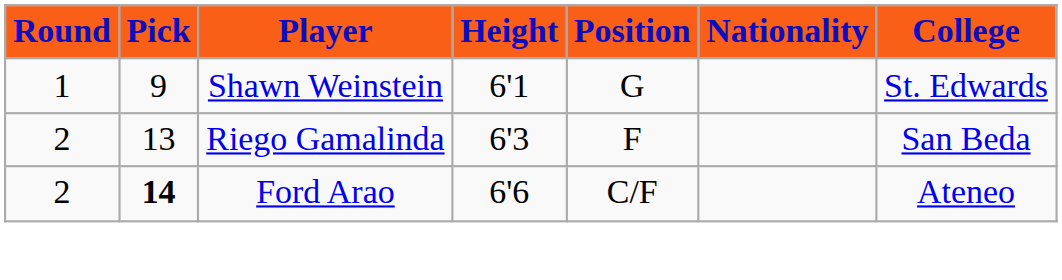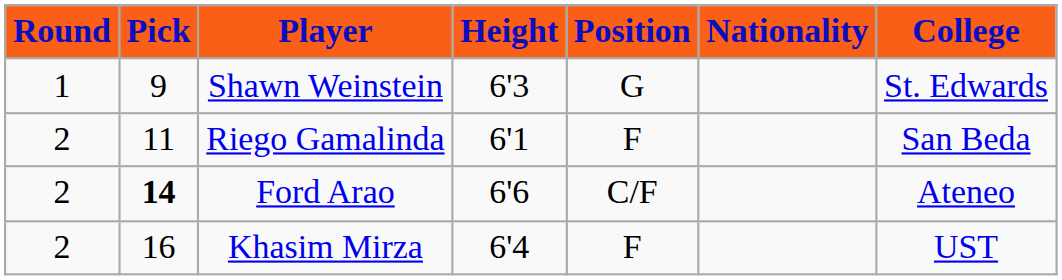 <table class="wikitable sortable sortable">
 <tr>
 <th style="background:#F95F17; color:#0D0DBF; ">Round</th>
 <th style="background:#F95F17; color:#0D0DBF; ">Pick</th>
 <th style="background:#F95F17; color:#0D0DBF; ">Player</th>
 <th style="background:#F95F17; color:#0D0DBF; ">Height</th>
 <th style="background:#F95F17; color:#0D0DBF; ">Position</th>
 <th style="background:#F95F17; color:#0D0DBF; ">Nationality</th>
 <th style="background:#F95F17; color:#0D0DBF; ">College</th>
 </tr>
 <tr style="text-align: center">
 <td>1</td>
 <td>9</td>
 <td><a href='#'>Shawn Weinstein</a></td>
-<td>6'1</td>
+<td>6'3</td>
 <td>G</td>
 <td></td>
 <td><a href='#'>St. Edwards</a></td>
 </tr>
 <tr style="text-align: center">
 <td>2</td>
-<td>13</td>
+<td>11</td>
 <td><a href='#'>Riego Gamalinda</a></td>
-<td>6'3</td>
+<td>6'1</td>
 <td>F</td>
 <td></td>
 <td><a href='#'>San Beda</a></td>
 </tr>
 <tr style="text-align: center">
 <td>2</td>
 <td><strong>14</strong></td>
 <td><a href='#'>Ford Arao</a></td>
 <td>6'6</td>
 <td>C/F</td>
 <td></td>
 <td><a href='#'>Ateneo</a></td>
 </tr>
+<tr style="text-align: center">
+<td>2</td>
+<td>16</td>
+<td><a href='#'>Khasim Mirza</a></td>
+<td>6'4</td>
+<td>F</td>
+<td></td>
+<td><a href='#'>UST</a></td>
+</tr>
 </table>
